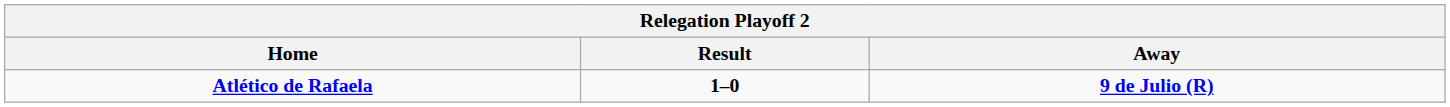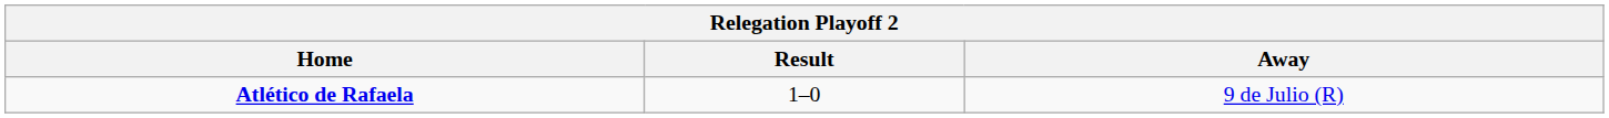 <table align=center class="wikitable collapsed" style="font-size:95%; text-align: center; width: 70%;">
 <tr>
 <th colspan=100% style="with: 100%;" align=center>Relegation Playoff 2</th>
 </tr>
 <tr>
 <th width=30%>Home</th>
 <th width=15%>Result</th>
 <th width=30%>Away</th>
 </tr>
 <tr align=center>
 <td><strong><a href='#'>Atlético de Rafaela</a></strong></td>
-<td><strong>1–0</strong></td>
-<td><strong><a href='#'>9 de Julio (R)</a></strong></td>
+<td>1–0</td>
+<td><a href='#'>9 de Julio (R)</a></td>
 </tr>
 </table>
